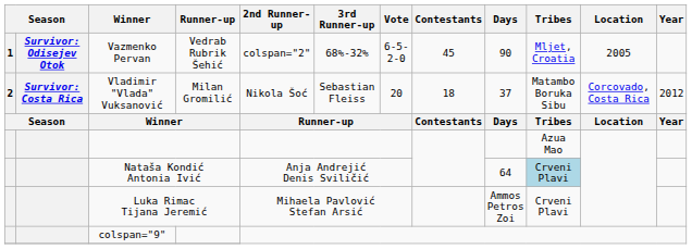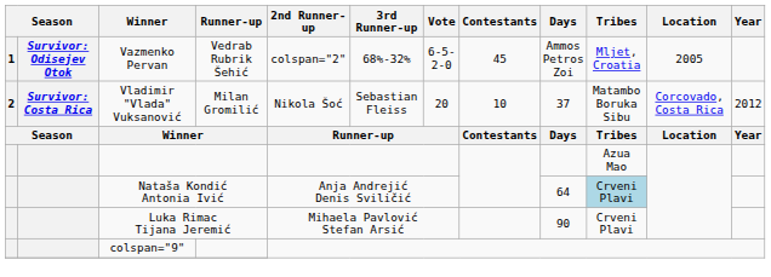 <table class="wikitable" style="text-align: center">
 <tr>
 <th colspan="2">Season</th>
 <th>Winner</th>
 <th>Runner-up</th>
 <th>2nd Runner-up</th>
 <th>3rd Runner-up</th>
 <th>Vote</th>
 <th>Contestants</th>
 <th>Days</th>
 <th>Tribes</th>
 <th>Location</th>
 <th>Year</th>
 </tr>
 <tr>
 <th>1</th>
 <th><em><a href='#'>Survivor: Odisejev Otok</a></em></th>
 <td>Vazmenko Pervan</td>
 <td>Vedrab Rubrik Šehić</td>
 <td>colspan="2" </td>
 <td>68%-32%</td>
 <td>6-5-2-0</td>
 <td>45</td>
-<td>90</td>
+<td> Ammos<br> Petros<br> Zoi</td>
 <td><a href='#'>Mljet</a>, <a href='#'>Croatia</a></td>
 <td>2005</td>
 </tr>
 <tr>
 <th>2</th>
 <th><em><a href='#'>Survivor: Costa Rica</a></em></th>
 <td>Vladimir "Vlada" Vuksanović</td>
 <td>Milan Gromilić</td>
 <td>Nikola Šoć</td>
 <td>Sebastian Fleiss</td>
 <td>20</td>
-<td>18</td>
+<td>10</td>
 <td>37</td>
 <td> Matambo<br> Boruka<br> Sibu</td>
 <td><a href='#'>Corcovado</a>, <a href='#'>Costa Rica</a></td>
 <td>2012</td>
 </tr>
 <tr>
 <th colspan="2" bgcolor="DEDDE2">Season</th>
 <th colspan="2" bgcolor="DEDDE2">Winner</th>
 <th colspan="3" bgcolor="DEDDE2">Runner-up</th>
 <th bgcolor="DEDDE2">Contestants</th>
 <th bgcolor="DEDDE2">Days</th>
 <th bgcolor="DEDDE2">Tribes</th>
 <th bgcolor="DEDDE2">Location</th>
 <th bgcolor="DEDDE2">Year</th>
 </tr>
 <tr>
 <th></th>
 <th></th>
 <td colspan="2"></td>
 <td colspan="3"></td>
 <td rowspan="2"></td>
 <td></td>
 <td> Azua<br> Mao</td>
 <td rowspan="3"></td>
 <td></td>
 </tr>
 <tr>
 <th></th>
 <th></th>
 <td colspan="2">Nataša Kondić<br>Antonia Ivić</td>
 <td colspan="3">Anja Andrejić<br>Denis Sviličić</td>
 <td>64</td>
 <td style="background: lightblue;"> Crveni<br> Plavi</td>
 <td></td>
 </tr>
 <tr>
 <th></th>
 <th></th>
 <td colspan="2">Luka Rimac<br>Tijana Jeremić</td>
 <td colspan="3">Mihaela Pavlović<br>Stefan Arsić</td>
 <td></td>
-<td> Ammos<br> Petros<br> Zoi</td>
+<td>90</td>
 <td> Crveni<br> Plavi</td>
 <td></td>
 </tr>
 <tr>
 <th></th>
 <th></th>
 <td>colspan="9"</td>
 <td></td>
 </tr>
 <tr>
 </tr>
 </table>
